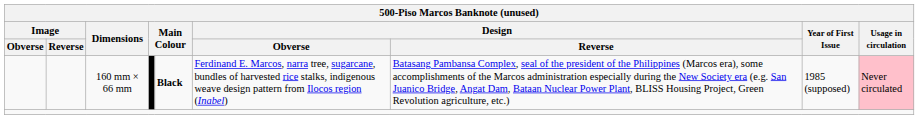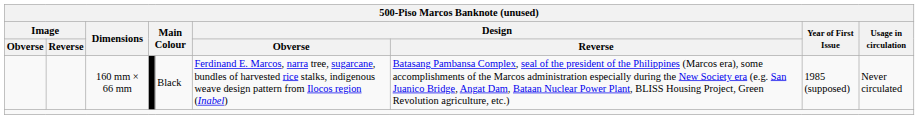 <table class="wikitable" style="margin:auto; font-size:90%;">
 <tr>
 <th colspan="9">500-Piso Marcos Banknote (unused)</th>
 </tr>
 <tr>
 <th colspan="2">Image</th>
 <th rowspan="2">Dimensions</th>
 <th colspan="2" rowspan="2">Main Colour</th>
 <th colspan="2">Design</th>
 <th rowspan="2"><small>Year of First Issue</small></th>
 <th rowspan="2"><small>Usage in circulation</small></th>
 </tr>
 <tr>
 <th>Obverse</th>
 <th>Reverse</th>
 <th>Obverse</th>
 <th>Reverse</th>
 </tr>
 <tr style="height:62px">
 <td style="text-align:center;"></td>
 <td style="text-align:center;"></td>
 <td style="text-align:center;">160 mm × 66 mm</td>
 <td style="text-align:center; background:#000000;"></td>
-<td><strong>Black</strong></td>
+<td>Black</td>
 <td><a href='#'>Ferdinand E. Marcos</a>, <a href='#'>narra</a> tree, <a href='#'>sugarcane</a>, bundles of harvested <a href='#'>rice</a> stalks, indigenous weave design pattern from <a href='#'>Ilocos region</a> (<em><a href='#'>Inabel</a></em>)</td>
 <td><a href='#'>Batasang Pambansa Complex</a>, <a href='#'>seal of the president of the Philippines</a> (Marcos era), some accomplishments of the Marcos administration especially during the <a href='#'>New Society era</a> (e.g. <a href='#'>San Juanico Bridge</a>, <a href='#'>Angat Dam</a>, <a href='#'>Bataan Nuclear Power Plant</a>, BLISS Housing Project, Green Revolution agriculture, etc.)</td>
 <td>1985 (supposed)</td>
-<td style="background: pink;">Never circulated</td>
+<td>Never circulated</td>
 </tr>
 <tr>
 <td colspan="9"></td>
 </tr>
 </table>
